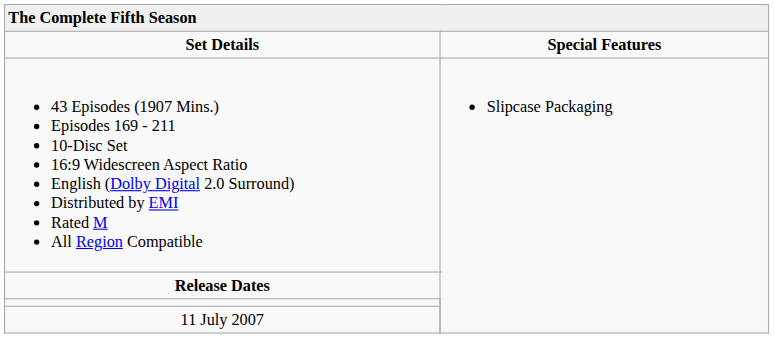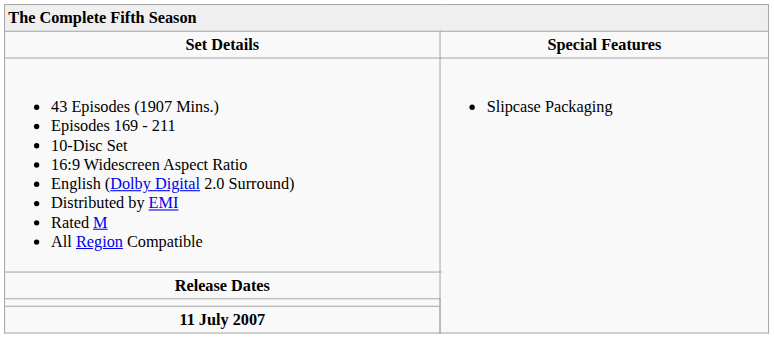 <table class="wikitable" style="font-size: 95%;">
 <tr style="background:#EFEFEF">
 <td colspan="5"><strong>The Complete Fifth Season</strong></td>
 </tr>
 <tr>
 <td align="center" width="350" colspan="3"><strong>Set Details</strong></td>
 <td width="250" align="center"><strong>Special Features</strong></td>
 </tr>
 <tr valign="top">
 <td colspan="3" align="left" width="400"><br><ul><li>43 Episodes (1907 Mins.)</li><li>Episodes 169 - 211</li><li>10-Disc Set</li><li>16:9 Widescreen Aspect Ratio</li><li>English (<a href='#'>Dolby Digital</a> 2.0 Surround)</li><li>Distributed by <a href='#'>EMI</a></li><li>Rated <a href='#'>M</a></li><li>All <a href='#'>Region</a> Compatible</li></ul></td>
 <td rowspan="4" align="left" width="300"><br><ul><li>Slipcase Packaging</li></ul></td>
 </tr>
 <tr>
 <td colspan="3" align="center"><strong>Release Dates</strong></td>
 </tr>
 <tr>
 <td align="center"></td>
 </tr>
 <tr>
-<td align="center">11 July 2007</td>
+<td align="center"><strong>11 July 2007</strong></td>
 </tr>
 </table>
